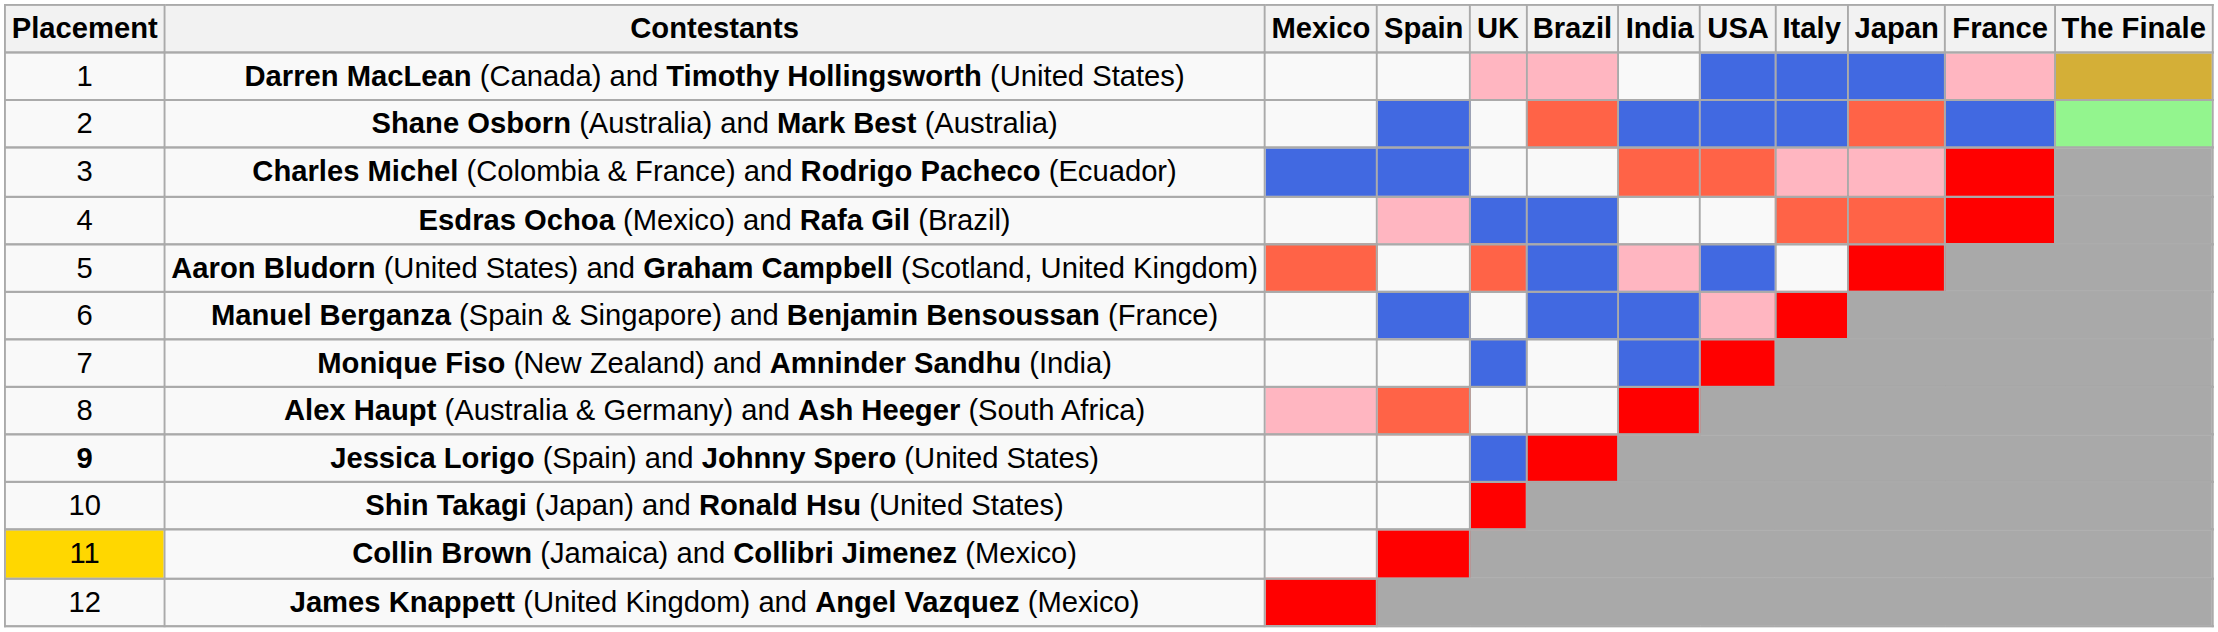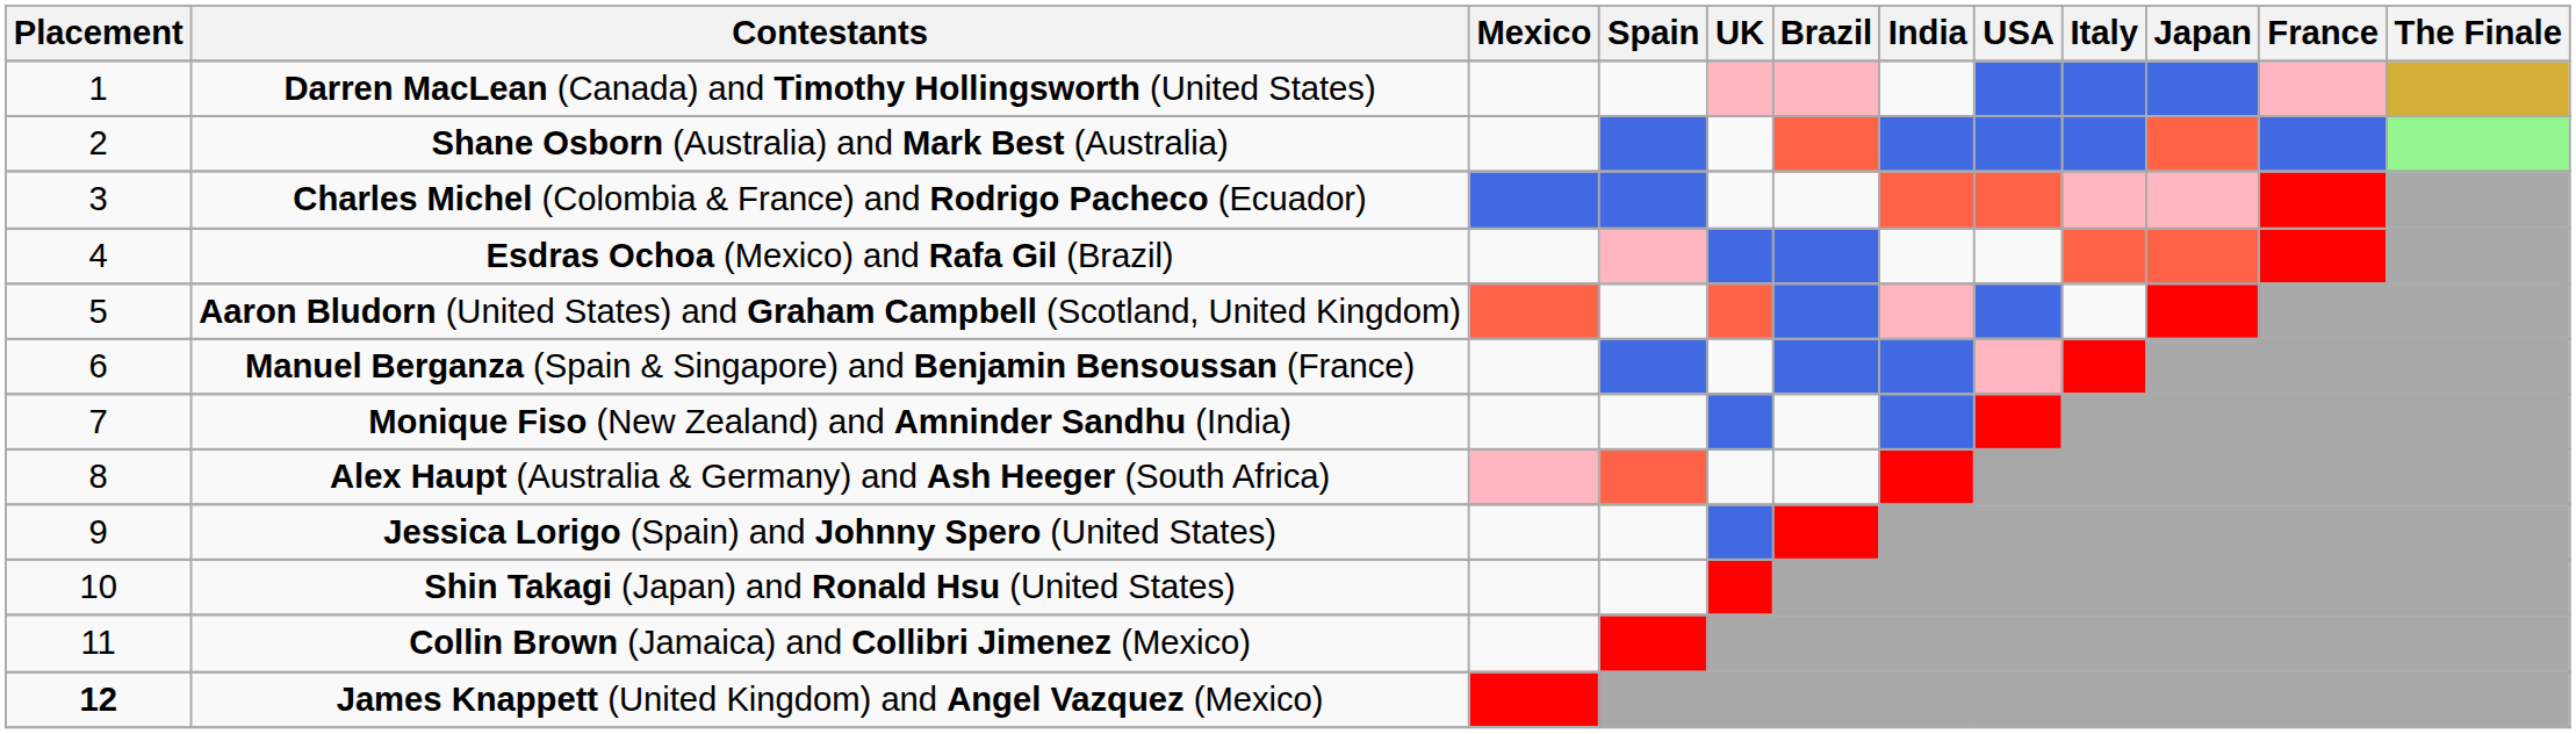 <table class="wikitable" style="text-align:center;font-size:96%">
 <tr>
 <th>Placement</th>
 <th>Contestants</th>
 <th>Mexico</th>
 <th>Spain</th>
 <th>UK</th>
 <th>Brazil</th>
 <th>India</th>
 <th>USA</th>
 <th>Italy</th>
 <th>Japan</th>
 <th>France</th>
 <th>The Finale</th>
 </tr>
 <tr The final plate>
 </tr>
 <tr>
 </tr>
 <tr>
 <td>1</td>
 <td><strong>Darren MacLean</strong> (Canada) and <strong>Timothy Hollingsworth</strong> (United States)</td>
 <td></td>
 <td></td>
 <td style="background:lightpink;"></td>
 <td style="background:lightpink;"></td>
 <td></td>
 <td style="background:royalblue;"></td>
 <td style="background:royalblue;"></td>
 <td style="background:royalblue;"></td>
 <td style="background:lightpink;"></td>
 <td style="background:#D4AF37"></td>
 </tr>
 <tr>
 </tr>
 <tr>
 <td>2</td>
 <td><strong>Shane Osborn</strong> (Australia) and <strong>Mark Best</strong> (Australia)</td>
 <td></td>
 <td style="background:royalblue;"></td>
 <td></td>
 <td style="background:tomato;"></td>
 <td style="background:royalblue;"></td>
 <td style="background:royalblue;"></td>
 <td style="background:royalblue;"></td>
 <td style="background:tomato;"></td>
 <td style="background:royalblue;"></td>
 <td style="background:#93f58e;"></td>
 </tr>
 <tr>
 </tr>
 <tr>
 <td>3</td>
 <td><strong>Charles Michel</strong> (Colombia & France) and <strong>Rodrigo Pacheco</strong> (Ecuador)</td>
 <td style="background:royalblue;"></td>
 <td style="background:royalblue;"></td>
 <td></td>
 <td></td>
 <td style="background:tomato;"></td>
 <td style="background:tomato;"></td>
 <td style="background:lightpink;"></td>
 <td style="background:lightpink;"></td>
 <td style="background:red;"></td>
 <td colspan="1" bgcolor="darkgray"></td>
 </tr>
 <tr>
 </tr>
 <tr>
 <td>4</td>
 <td><strong>Esdras Ochoa</strong> (Mexico) and <strong>Rafa Gil</strong> (Brazil)</td>
 <td></td>
 <td style="background:lightpink;"></td>
 <td style="background:royalblue;"></td>
 <td style="background:royalblue;"></td>
 <td></td>
 <td></td>
 <td style="background:tomato;"></td>
 <td style="background:tomato;"></td>
 <td style="background:red;"></td>
 <td colspan="1" bgcolor="darkgray"></td>
 </tr>
 <tr>
 </tr>
 <tr>
 <td>5</td>
 <td><strong>Aaron Bludorn</strong> (United States) and <strong>Graham Campbell</strong> (Scotland, United Kingdom)</td>
 <td style="background:tomato;"></td>
 <td></td>
 <td style="background:tomato;"></td>
 <td style="background:royalblue;"></td>
 <td style="background:lightpink;"></td>
 <td style="background:royalblue;"></td>
 <td></td>
 <td style="background:red;"></td>
 <td colspan="2" bgcolor="darkgray"></td>
 </tr>
 <tr>
 </tr>
 <tr>
 <td>6</td>
 <td><strong>Manuel Berganza</strong> (Spain & Singapore) and <strong>Benjamin Bensoussan</strong> (France)</td>
 <td></td>
 <td style="background:royalblue;"></td>
 <td></td>
 <td style="background:royalblue;"></td>
 <td style="background:royalblue;"></td>
 <td style="background:lightpink;"></td>
 <td style="background:red;"></td>
 <td colspan="3" bgcolor="darkgray"></td>
 </tr>
 <tr>
 </tr>
 <tr>
 <td>7</td>
 <td><strong>Monique Fiso</strong> (New Zealand) and <strong>Amninder Sandhu</strong> (India)</td>
 <td></td>
 <td></td>
 <td style="background:royalblue;"></td>
 <td></td>
 <td style="background:royalblue;"></td>
 <td style="background:red;"></td>
 <td colspan="4" bgcolor="darkgray"></td>
 </tr>
 <tr>
 </tr>
 <tr>
 <td>8</td>
 <td><strong>Alex Haupt</strong> (Australia & Germany) and <strong>Ash Heeger</strong> (South Africa)</td>
 <td style="background:lightpink;"></td>
 <td style="background:tomato;"></td>
 <td></td>
 <td></td>
 <td style="background:red;"></td>
 <td colspan="5" bgcolor="darkgray"></td>
 </tr>
 <tr>
 </tr>
 <tr>
-<td><strong>9</strong></td>
+<td>9</td>
 <td><strong>Jessica Lorigo</strong> (Spain) and <strong>Johnny Spero</strong> (United States)</td>
 <td></td>
 <td></td>
 <td style="background:royalblue;"></td>
 <td style="background:red;"></td>
 <td colspan="6" bgcolor="darkgray"></td>
 </tr>
 <tr>
 </tr>
 <tr>
 <td>10</td>
 <td><strong>Shin Takagi</strong> (Japan) and <strong>Ronald Hsu</strong> (United States)</td>
 <td></td>
 <td></td>
 <td style="background:red;"></td>
 <td colspan="7" bgcolor="darkgray"></td>
 </tr>
 <tr>
 </tr>
 <tr>
-<td style="background: gold;">11</td>
+<td>11</td>
 <td><strong>Collin Brown</strong> (Jamaica) and <strong>Collibri Jimenez</strong> (Mexico)</td>
 <td></td>
 <td style="background:red;"></td>
 <td colspan="8" bgcolor="darkgray"></td>
 </tr>
 <tr>
 </tr>
 <tr>
-<td>12</td>
+<td><strong>12</strong></td>
 <td><strong>James Knappett</strong> (United Kingdom) and <strong>Angel Vazquez</strong> (Mexico)</td>
 <td style="background:red;"></td>
 <td colspan="9" bgcolor="darkgray"></td>
 </tr>
 <tr>
 </tr>
 </table>
